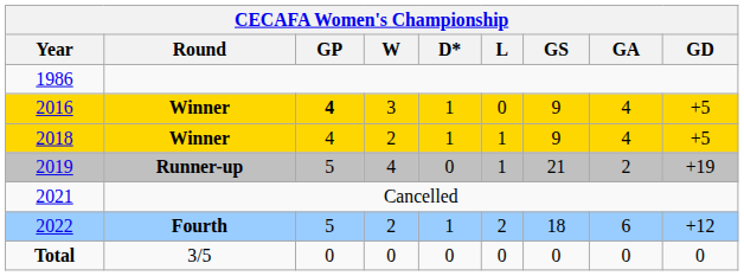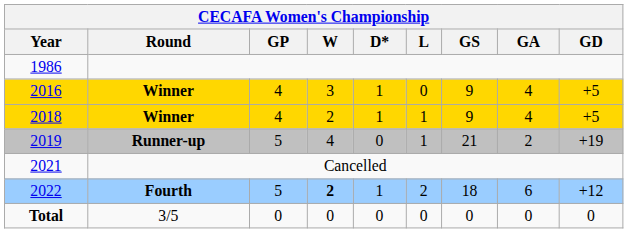 <table class="wikitable" style="text-align: center; width:50%;">
 <tr>
 <th colspan=10><a href='#'>CECAFA Women's Championship</a></th>
 </tr>
 <tr>
 <th>Year</th>
 <th>Round</th>
 <th>GP</th>
 <th>W</th>
 <th>D*</th>
 <th>L</th>
 <th>GS</th>
 <th>GA</th>
 <th>GD</th>
 </tr>
 <tr>
 <td> <a href='#'>1986</a></td>
 </tr>
 <tr bgcolor="gold">
 <td> <a href='#'>2016</a></td>
 <td><strong>Winner</strong></td>
-<td><strong>4</strong></td>
+<td>4</td>
 <td>3</td>
 <td>1</td>
 <td>0</td>
 <td>9</td>
 <td>4</td>
 <td>+5</td>
 </tr>
 <tr bgcolor="gold">
 <td> <a href='#'>2018</a></td>
 <td><strong>Winner</strong></td>
 <td>4</td>
 <td>2</td>
 <td>1</td>
 <td>1</td>
 <td>9</td>
 <td>4</td>
 <td>+5</td>
 </tr>
 <tr bgcolor="silver">
 <td> <a href='#'>2019</a></td>
 <td><strong>Runner-up</strong></td>
 <td>5</td>
 <td>4</td>
 <td>0</td>
 <td>1</td>
 <td>21</td>
 <td>2</td>
 <td>+19</td>
 </tr>
 <tr>
 <td> <a href='#'>2021</a></td>
 <td colspan=8>Cancelled</td>
 </tr>
 <tr bgcolor="#9ACDFF ">
 <td> <a href='#'>2022</a></td>
 <td><strong>Fourth</strong></td>
 <td>5</td>
-<td>2</td>
+<td><strong>2</strong></td>
 <td>1</td>
 <td>2</td>
 <td>18</td>
 <td>6</td>
 <td>+12</td>
 </tr>
 <tr>
 <td><strong>Total</strong></td>
 <td>3/5</td>
 <td>0</td>
 <td>0</td>
 <td>0</td>
 <td>0</td>
 <td>0</td>
 <td>0</td>
 <td>0</td>
 </tr>
 </table>
